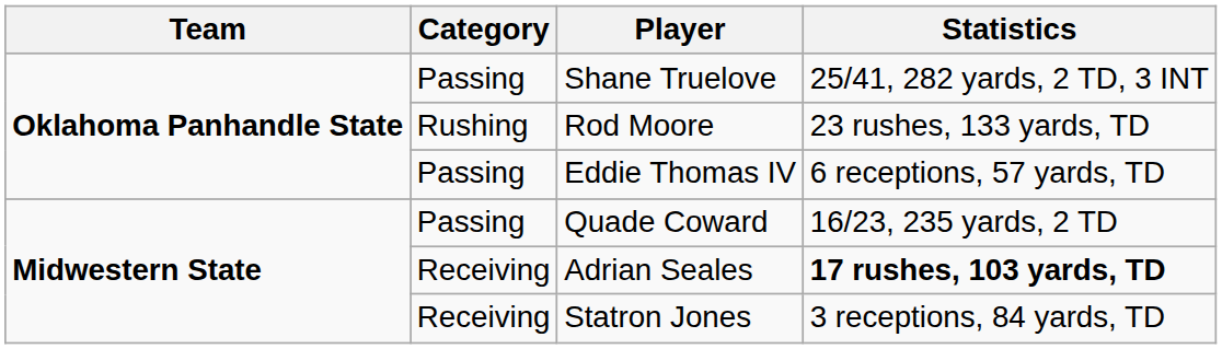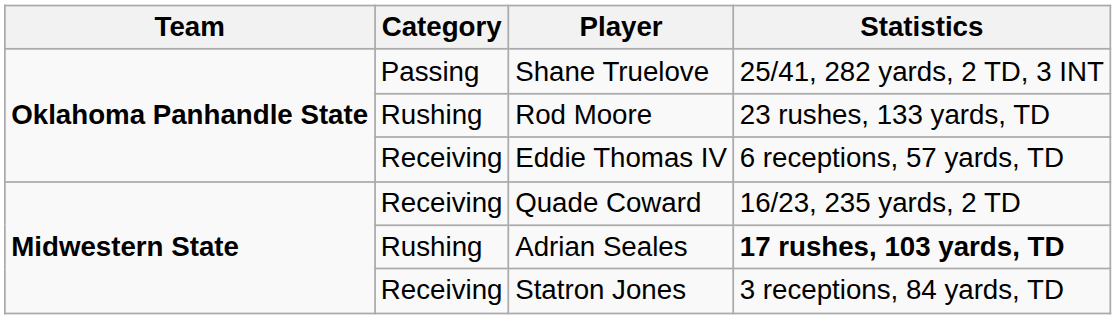 <table class="wikitable" style="float: left;">
 <tr>
 <th>Team</th>
 <th>Category</th>
 <th>Player</th>
 <th>Statistics</th>
 </tr>
 <tr>
 <td rowspan=3><strong>Oklahoma Panhandle State</strong></td>
 <td>Passing</td>
 <td>Shane Truelove</td>
 <td>25/41, 282 yards, 2 TD, 3 INT</td>
 </tr>
 <tr>
 <td>Rushing</td>
 <td>Rod Moore</td>
 <td>23 rushes, 133 yards, TD</td>
 </tr>
 <tr>
-<td>Passing</td>
+<td>Receiving</td>
 <td>Eddie Thomas IV</td>
 <td>6 receptions, 57 yards, TD</td>
 </tr>
 <tr>
 <td rowspan=3><strong>Midwestern State</strong></td>
-<td>Passing</td>
+<td>Receiving</td>
 <td>Quade Coward</td>
 <td>16/23, 235 yards, 2 TD</td>
 </tr>
 <tr>
-<td>Receiving</td>
+<td>Rushing</td>
 <td>Adrian Seales</td>
 <td><strong>17 rushes, 103 yards, TD</strong></td>
 </tr>
 <tr>
 <td>Receiving</td>
 <td>Statron Jones</td>
 <td>3 receptions, 84 yards, TD</td>
 </tr>
 </table>
